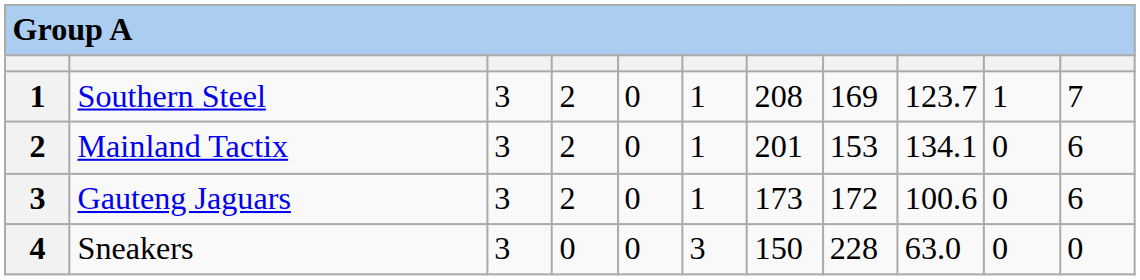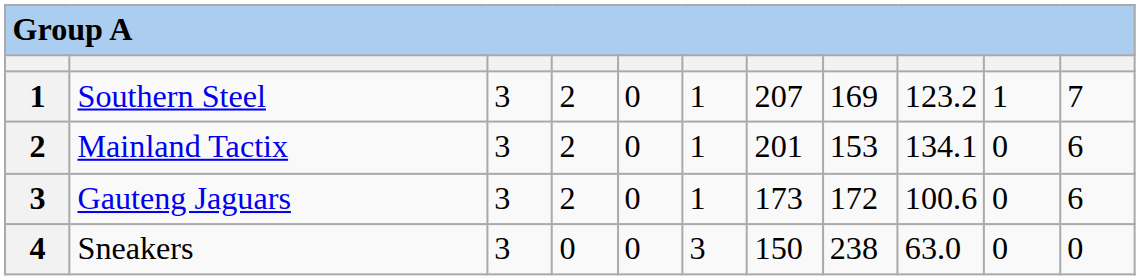 <table class="wikitable collapsible">
 <tr>
 <td colspan=11 style="background-color:#ABCDEF"><strong>Group A</strong></td>
 </tr>
 <tr>
 <th width="25"></th>
 <th width="200"></th>
 <th width="25"></th>
 <th width="25"></th>
 <th width="25"></th>
 <th width="25"></th>
 <th width="30"></th>
 <th width="30"></th>
 <th width="30"></th>
 <th width="30"></th>
 <th width="30"></th>
 </tr>
 <tr style="background:#">
 <th>1</th>
 <td style="text-align:left;"> <a href='#'>Southern Steel</a></td>
 <td>3</td>
 <td>2</td>
 <td>0</td>
 <td>1</td>
-<td>208</td>
+<td>207</td>
 <td>169</td>
-<td>123.7</td>
+<td>123.2</td>
 <td>1</td>
 <td>7</td>
 </tr>
 <tr style="background:#">
 <th>2</th>
 <td style="text-align:left;"> <a href='#'>Mainland Tactix</a></td>
 <td>3</td>
 <td>2</td>
 <td>0</td>
 <td>1</td>
 <td>201</td>
 <td>153</td>
 <td>134.1</td>
 <td>0</td>
 <td>6</td>
 </tr>
 <tr style="background:#">
 <th>3</th>
 <td style="text-align:left;"> <a href='#'>Gauteng Jaguars</a></td>
 <td>3</td>
 <td>2</td>
 <td>0</td>
 <td>1</td>
 <td>173</td>
 <td>172</td>
 <td>100.6</td>
 <td>0</td>
 <td>6</td>
 </tr>
 <tr style="background:#">
 <th>4</th>
 <td style="text-align:left;"> Sneakers</td>
 <td>3</td>
 <td>0</td>
 <td>0</td>
 <td>3</td>
 <td>150</td>
-<td>228</td>
+<td>238</td>
 <td>63.0</td>
 <td>0</td>
 <td>0</td>
 </tr>
 </table>
